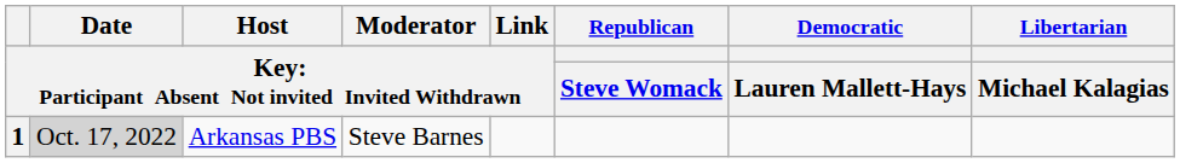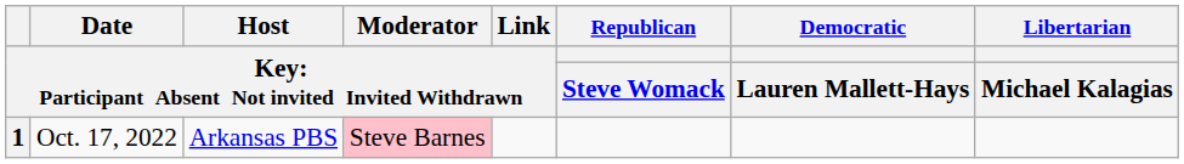 <table class="wikitable" style="text-align:center;">
 <tr>
 <th scope="col"></th>
 <th scope="col">Date</th>
 <th scope="col">Host</th>
 <th scope="col">Moderator</th>
 <th scope="col">Link</th>
 <th scope="col"><small><a href='#'>Republican</a></small></th>
 <th scope="col"><small><a href='#'>Democratic</a></small></th>
 <th scope="col"><small><a href='#'>Libertarian</a></small></th>
 </tr>
 <tr>
 <th colspan="5" rowspan="2">Key:<br> <small>Participant </small>  <small>Absent </small>  <small>Not invited </small>  <small>Invited  Withdrawn</small></th>
 <th scope="col" style="background:"></th>
 <th scope="col" style="background:"></th>
 <th scope="col" style="background:"></th>
 </tr>
 <tr>
 <th scope="col"><a href='#'>Steve Womack</a></th>
 <th scope="col">Lauren Mallett-Hays</th>
 <th scope="col">Michael Kalagias</th>
 </tr>
 <tr>
 <th>1</th>
-<td style="background: lightgrey; white-space:nowrap;">Oct. 17, 2022</td>
+<td style="white-space:nowrap;">Oct. 17, 2022</td>
 <td style="white-space:nowrap;"><a href='#'>Arkansas PBS</a></td>
-<td style="white-space:nowrap;">Steve Barnes</td>
+<td style="background: pink; white-space:nowrap;">Steve Barnes</td>
 <td style="white-space:nowrap;"></td>
 <td></td>
 <td></td>
 <td></td>
 </tr>
 </table>
